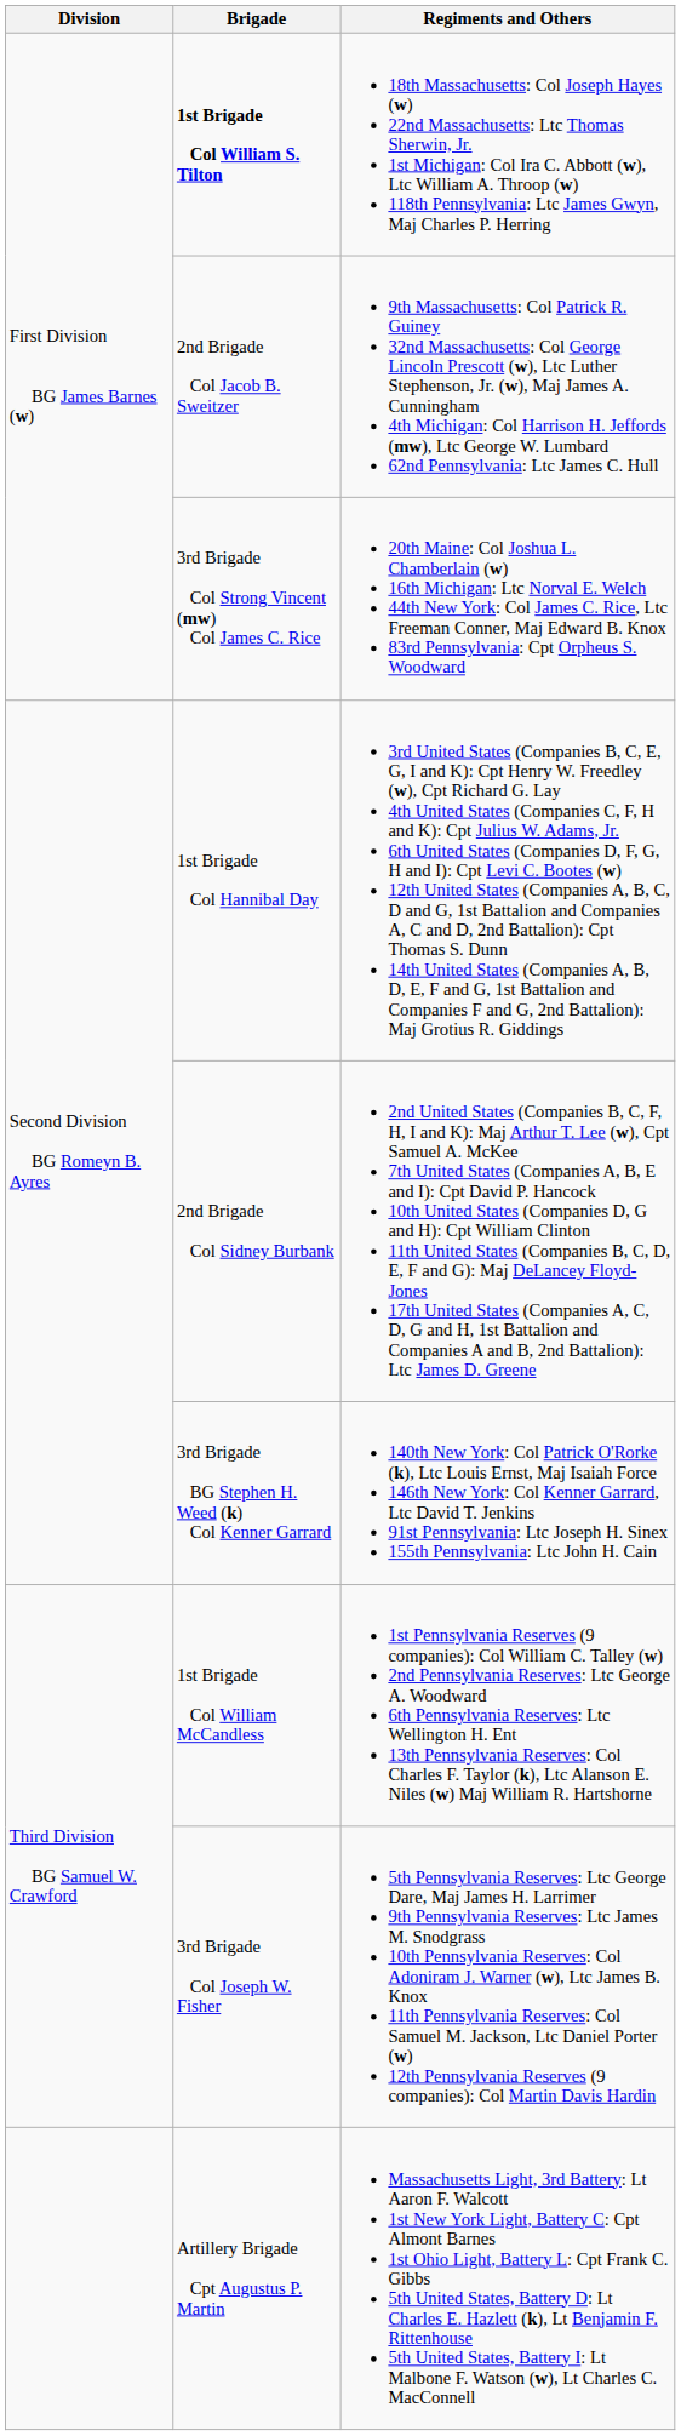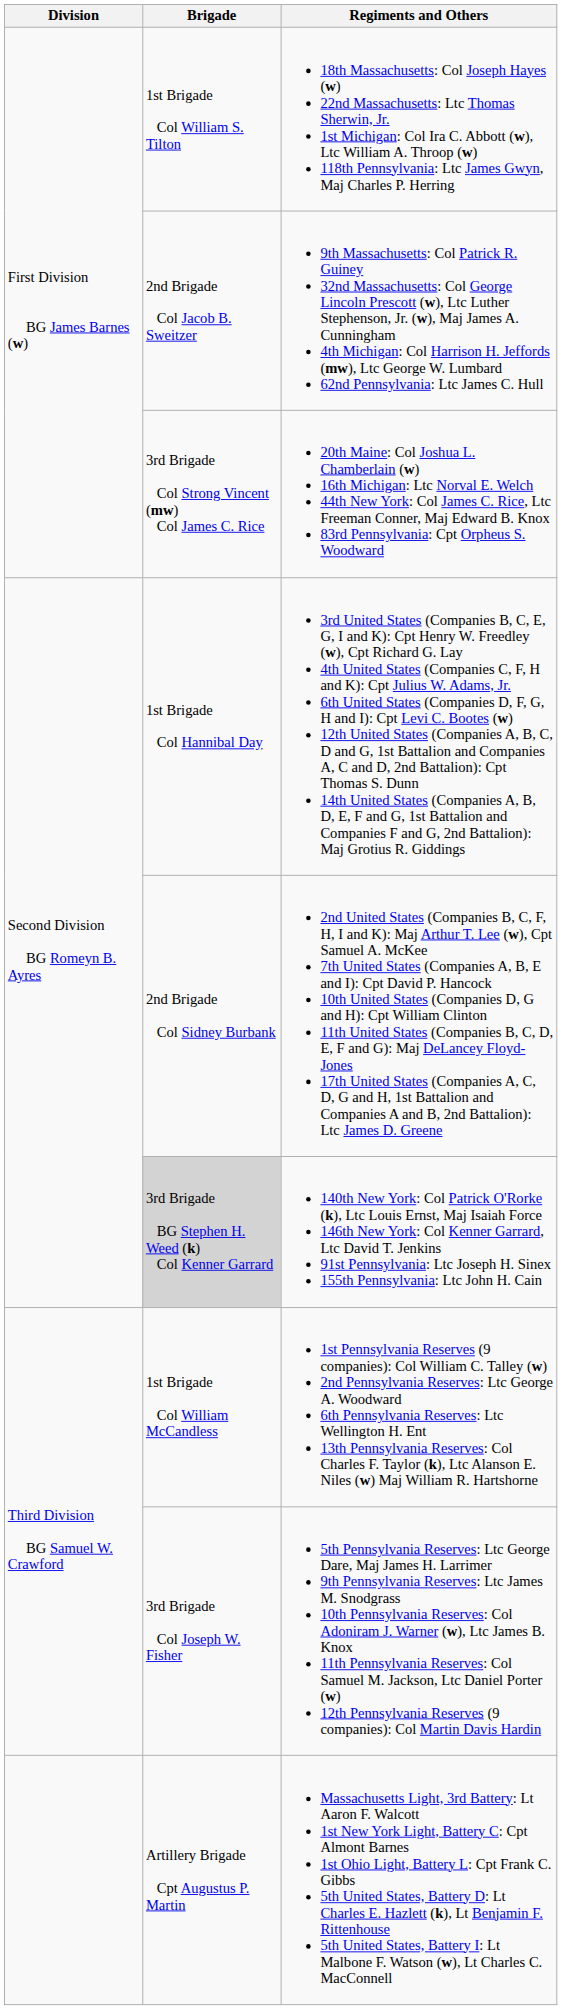 <table class="wikitable">
 <tr>
 <th style="width:25%;">Division</th>
 <th style="width:25%;">Brigade</th>
 <th>Regiments and Others</th>
 </tr>
 <tr>
 <td rowspan=3><br>First Division <br><br><br>     BG <a href='#'>James Barnes</a> (<strong>w</strong>)</td>
-<td><strong>1st Brigade<br><br>   Col <a href='#'>William S. Tilton</a></strong></td>
+<td>1st Brigade<br><br>   Col <a href='#'>William S. Tilton</a></td>
 <td><br><ul><li><a href='#'>18th Massachusetts</a>: Col <a href='#'>Joseph Hayes</a> (<strong>w</strong>)</li><li><a href='#'>22nd Massachusetts</a>: Ltc <a href='#'>Thomas Sherwin, Jr.</a></li><li><a href='#'>1st Michigan</a>: Col Ira C. Abbott (<strong>w</strong>), Ltc William A. Throop (<strong>w</strong>)</li><li><a href='#'>118th Pennsylvania</a>: Ltc <a href='#'>James Gwyn</a>, Maj Charles P. Herring</li></ul></td>
 </tr>
 <tr>
 <td>2nd Brigade<br><br>   Col <a href='#'>Jacob B. Sweitzer</a></td>
 <td><br><ul><li><a href='#'>9th Massachusetts</a>: Col <a href='#'>Patrick R. Guiney</a></li><li><a href='#'>32nd Massachusetts</a>: Col <a href='#'>George Lincoln Prescott</a> (<strong>w</strong>), Ltc Luther Stephenson, Jr. (<strong>w</strong>), Maj James A. Cunningham</li><li><a href='#'>4th Michigan</a>: Col <a href='#'>Harrison H. Jeffords</a> (<strong>mw</strong>), Ltc George W. Lumbard</li><li><a href='#'>62nd Pennsylvania</a>: Ltc James C. Hull</li></ul></td>
 </tr>
 <tr>
 <td>3rd Brigade<br><br>   Col <a href='#'>Strong Vincent</a> (<strong>mw</strong>) <br>   Col <a href='#'>James C. Rice</a></td>
 <td><br><ul><li><a href='#'>20th Maine</a>: Col <a href='#'>Joshua L. Chamberlain</a> (<strong>w</strong>)</li><li><a href='#'>16th Michigan</a>: Ltc <a href='#'>Norval E. Welch</a></li><li><a href='#'>44th New York</a>: Col <a href='#'>James C. Rice</a>, Ltc Freeman Conner, Maj Edward B. Knox</li><li><a href='#'>83rd Pennsylvania</a>: Cpt <a href='#'>Orpheus S. Woodward</a></li></ul></td>
 </tr>
 <tr>
 <td rowspan=3><br>Second Division <br> <br>     BG <a href='#'>Romeyn B. Ayres</a></td>
 <td>1st Brigade<br><br>   Col <a href='#'>Hannibal Day</a></td>
 <td><br><ul><li><a href='#'>3rd United States</a> (Companies B, C, E, G, I and K): Cpt Henry W. Freedley (<strong>w</strong>), Cpt Richard G. Lay</li><li><a href='#'>4th United States</a> (Companies C, F, H and K): Cpt <a href='#'>Julius W. Adams, Jr.</a></li><li><a href='#'>6th United States</a> (Companies D, F, G, H and I): Cpt <a href='#'>Levi C. Bootes</a> (<strong>w</strong>)</li><li><a href='#'>12th United States</a> (Companies A, B, C, D and G, 1st Battalion and Companies A, C and D, 2nd Battalion): Cpt Thomas S. Dunn</li><li><a href='#'>14th United States</a> (Companies A, B, D, E, F and G, 1st Battalion and Companies F and G, 2nd Battalion): Maj Grotius R. Giddings</li></ul></td>
 </tr>
 <tr>
 <td>2nd Brigade<br><br>   Col <a href='#'>Sidney Burbank</a></td>
 <td><br><ul><li><a href='#'>2nd United States</a> (Companies B, C, F, H, I and K): Maj <a href='#'>Arthur T. Lee</a> (<strong>w</strong>), Cpt Samuel A. McKee</li><li><a href='#'>7th United States</a> (Companies A, B, E and I): Cpt David P. Hancock</li><li><a href='#'>10th United States</a> (Companies D, G and H): Cpt William Clinton</li><li><a href='#'>11th United States</a> (Companies B, C, D, E, F and G): Maj <a href='#'>DeLancey Floyd-Jones</a></li><li><a href='#'>17th United States</a> (Companies A, C, D, G and H, 1st Battalion and Companies A and B, 2nd Battalion): Ltc <a href='#'>James D. Greene</a></li></ul></td>
 </tr>
 <tr>
-<td>3rd Brigade<br><br>   BG <a href='#'>Stephen H. Weed</a> (<strong>k</strong>) <br>   Col <a href='#'>Kenner Garrard</a></td>
+<td style="background: lightgrey;">3rd Brigade<br><br>   BG <a href='#'>Stephen H. Weed</a> (<strong>k</strong>) <br>   Col <a href='#'>Kenner Garrard</a></td>
 <td><br><ul><li><a href='#'>140th New York</a>: Col <a href='#'>Patrick O'Rorke</a> (<strong>k</strong>), Ltc Louis Ernst, Maj Isaiah Force</li><li><a href='#'>146th New York</a>: Col <a href='#'>Kenner Garrard</a>, Ltc David T. Jenkins</li><li><a href='#'>91st Pennsylvania</a>: Ltc Joseph H. Sinex</li><li><a href='#'>155th Pennsylvania</a>: Ltc John H. Cain</li></ul></td>
 </tr>
 <tr>
 <td rowspan=2><br><a href='#'>Third Division</a> <br> <br>     BG <a href='#'>Samuel W. Crawford</a></td>
 <td>1st Brigade<br><br>   Col <a href='#'>William McCandless</a></td>
 <td><br><ul><li><a href='#'>1st Pennsylvania Reserves</a> (9 companies): Col William C. Talley (<strong>w</strong>)</li><li><a href='#'>2nd Pennsylvania Reserves</a>: Ltc George A. Woodward</li><li><a href='#'>6th Pennsylvania Reserves</a>: Ltc Wellington H. Ent</li><li><a href='#'>13th Pennsylvania Reserves</a>: Col Charles F. Taylor (<strong>k</strong>), Ltc Alanson E. Niles (<strong>w</strong>) Maj William R. Hartshorne</li></ul></td>
 </tr>
 <tr>
 <td>3rd Brigade<br><br>   Col <a href='#'>Joseph W. Fisher</a></td>
 <td><br><ul><li><a href='#'>5th Pennsylvania Reserves</a>: Ltc George Dare, Maj James H. Larrimer</li><li><a href='#'>9th Pennsylvania Reserves</a>: Ltc James M. Snodgrass</li><li><a href='#'>10th Pennsylvania Reserves</a>: Col <a href='#'>Adoniram J. Warner</a> (<strong>w</strong>), Ltc James B. Knox</li><li><a href='#'>11th Pennsylvania Reserves</a>: Col Samuel M. Jackson, Ltc Daniel Porter (<strong>w</strong>)</li><li><a href='#'>12th Pennsylvania Reserves</a> (9 companies): Col <a href='#'>Martin Davis Hardin</a></li></ul></td>
 </tr>
 <tr>
 <td></td>
 <td>Artillery Brigade<br><br>   Cpt <a href='#'>Augustus P. Martin</a></td>
 <td><br><ul><li><a href='#'>Massachusetts Light, 3rd Battery</a>: Lt Aaron F. Walcott</li><li><a href='#'>1st New York Light, Battery C</a>: Cpt Almont Barnes</li><li><a href='#'>1st Ohio Light, Battery L</a>: Cpt Frank C. Gibbs</li><li><a href='#'>5th United States, Battery D</a>: Lt <a href='#'>Charles E. Hazlett</a> (<strong>k</strong>), Lt <a href='#'>Benjamin F. Rittenhouse</a></li><li><a href='#'>5th United States, Battery I</a>: Lt Malbone F. Watson (<strong>w</strong>), Lt Charles C. MacConnell</li></ul></td>
 </tr>
 </table>
